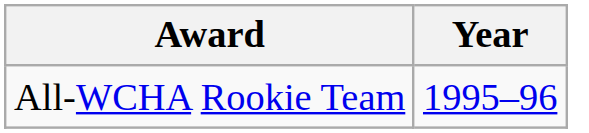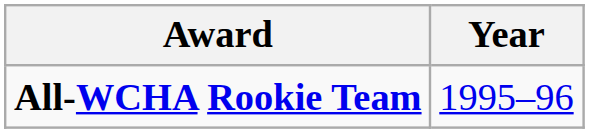 <table class="wikitable">
 <tr>
 <th>Award</th>
 <th>Year</th>
 </tr>
 <tr>
-<td>All-<a href='#'>WCHA</a> <a href='#'>Rookie Team</a></td>
+<td><strong>All-<a href='#'>WCHA</a> <a href='#'>Rookie Team</a></strong></td>
 <td><a href='#'>1995–96</a></td>
 </tr>
 </table>
